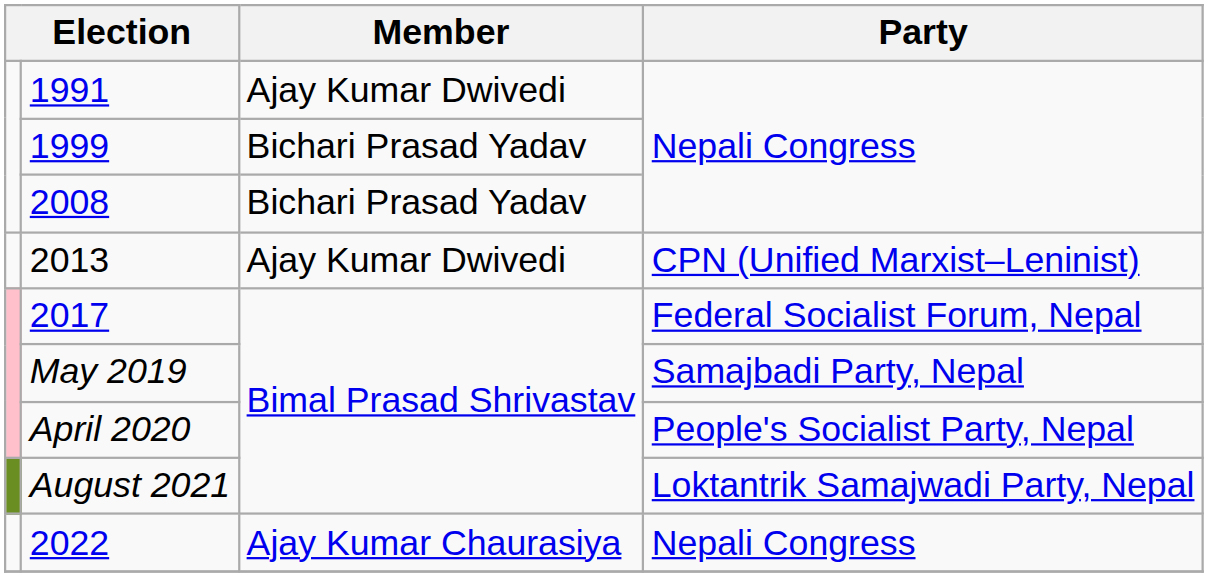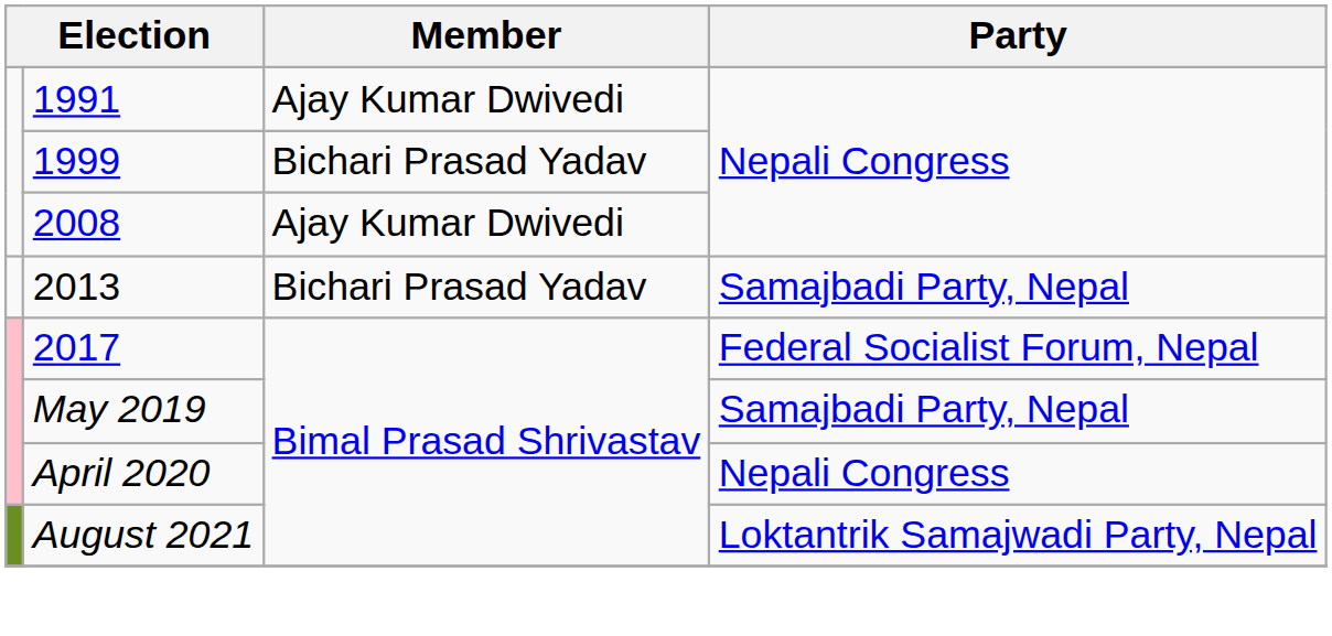 <table class="wikitable">
 <tr>
 <th colspan="2">Election</th>
 <th>Member</th>
 <th>Party</th>
 </tr>
 <tr>
 <td rowspan="3" style="background-color:"></td>
 <td><a href='#'>1991</a></td>
 <td>Ajay Kumar Dwivedi</td>
 <td rowspan="3"><a href='#'>Nepali Congress</a></td>
 </tr>
 <tr>
 <td><a href='#'>1999</a></td>
 <td>Bichari Prasad Yadav</td>
 </tr>
 <tr>
 <td><a href='#'>2008</a></td>
-<td>Bichari Prasad Yadav</td>
+<td>Ajay Kumar Dwivedi</td>
 </tr>
 <tr>
 <td style="background-color:"></td>
 <td>2013</td>
-<td>Ajay Kumar Dwivedi</td>
-<td><a href='#'>CPN (Unified Marxist–Leninist)</a></td>
+<td>Bichari Prasad Yadav</td>
+<td><a href='#'>Samajbadi Party, Nepal</a></td>
 </tr>
 <tr>
 <td rowspan="3" style="background-color:pink"></td>
 <td><a href='#'>2017</a></td>
 <td rowspan="4"><a href='#'>Bimal Prasad Shrivastav</a></td>
 <td><a href='#'>Federal Socialist Forum, Nepal</a></td>
 </tr>
 <tr>
 <td><em>May 2019</em></td>
 <td><a href='#'>Samajbadi Party, Nepal</a></td>
 </tr>
 <tr>
 <td><em>April 2020</em></td>
-<td><a href='#'>People's Socialist Party, Nepal</a></td>
+<td><a href='#'>Nepali Congress</a></td>
 </tr>
 <tr>
 <td style="background-color:olivedrab"></td>
 <td><em>August 2021</em></td>
 <td><a href='#'>Loktantrik Samajwadi Party, Nepal</a></td>
 </tr>
 <tr>
-<td></td>
-<td><a href='#'>2022</a></td>
-<td><a href='#'>Ajay Kumar Chaurasiya</a></td>
-<td><a href='#'>Nepali Congress</a></td>
-</tr>
-<tr>
 </tr>
 </table>
